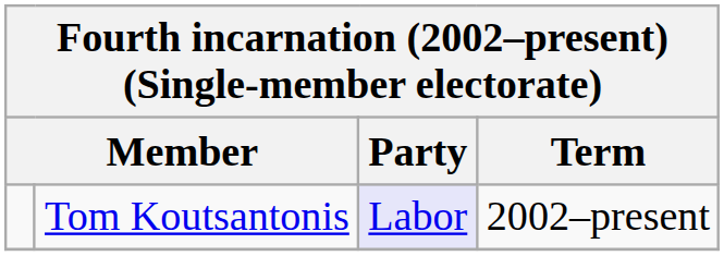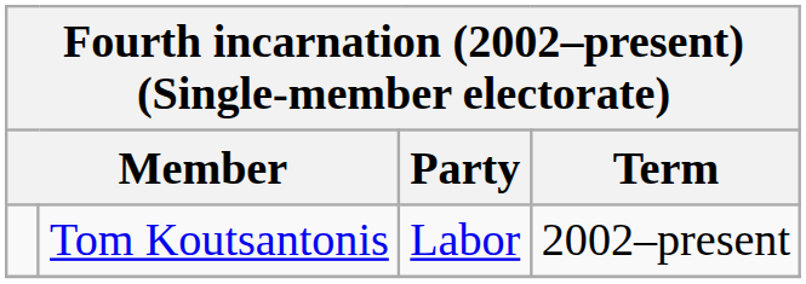 <table class="wikitable">
 <tr>
 <th colspan=4>Fourth incarnation (2002–present)<br>(Single-member electorate)</th>
 </tr>
 <tr>
 <th colspan="2">Member</th>
 <th>Party</th>
 <th>Term</th>
 </tr>
 <tr>
 <td> </td>
 <td><a href='#'>Tom Koutsantonis</a></td>
-<td style="background: lavender;"><a href='#'>Labor</a></td>
+<td><a href='#'>Labor</a></td>
 <td>2002–present</td>
 </tr>
 <tr>
 </tr>
 </table>
